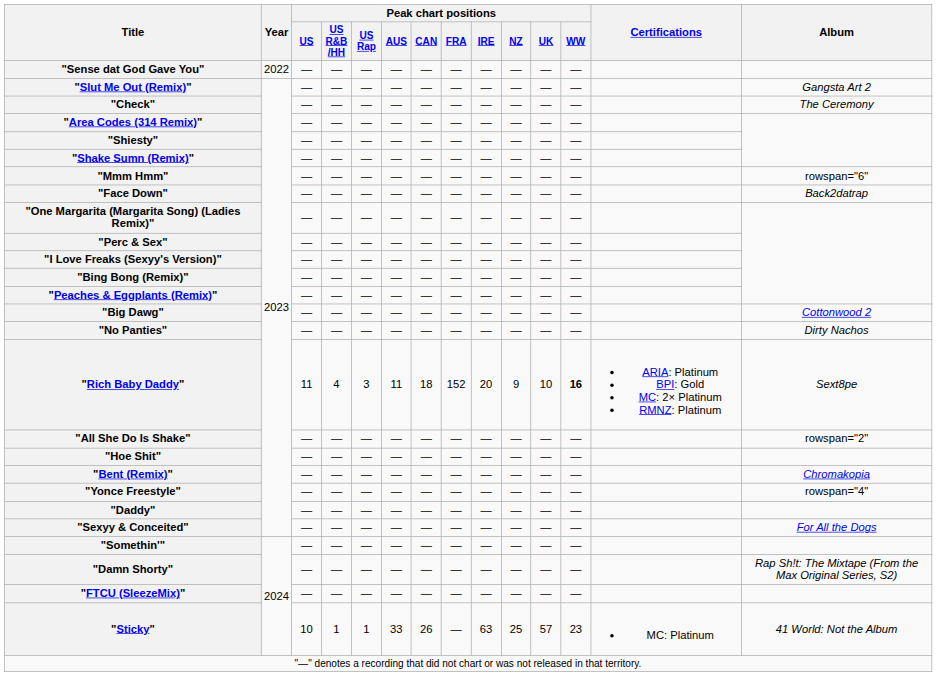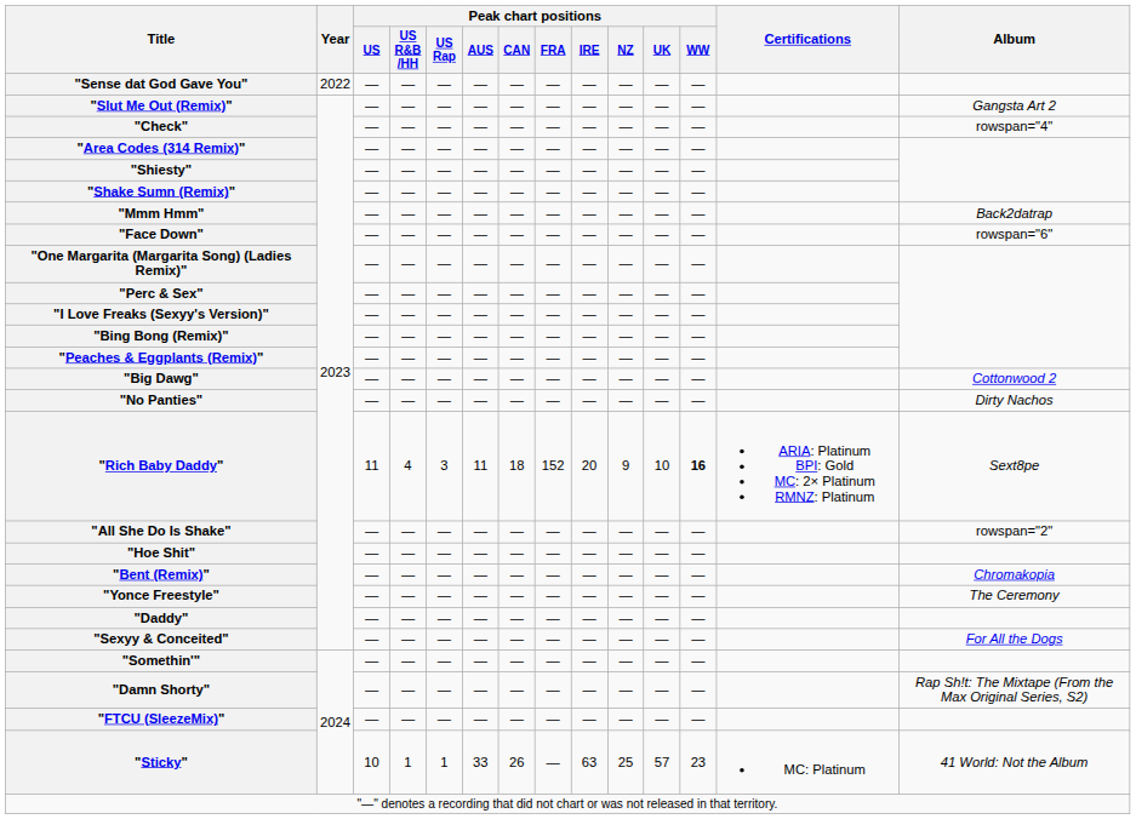 <table class="wikitable plainrowheaders" style="text-align:center;">
 <tr>
 <th scope="col" rowspan="2" style="width:22.5em;">Title</th>
 <th scope="col" rowspan="2" style="width:1em;">Year</th>
 <th scope="col" colspan="10">Peak chart positions</th>
 <th scope="col" rowspan="2" style="width:13em;"><a href='#'>Certifications</a></th>
 <th scope="col" rowspan="2" style="width:16.5em;">Album</th>
 </tr>
 <tr>
 <th scope="col" style="width:2.5em;font-size:90%;"><a href='#'>US</a><br></th>
 <th scope="col" style="width:2.5em;font-size:90%;"><a href='#'>US<br>R&B<br>/HH</a><br></th>
 <th scope="col" style="width:2.5em;font-size:90%;"><a href='#'>US<br>Rap</a><br></th>
 <th scope="col" style="width:2.5em;font-size:90%;"><a href='#'>AUS</a><br></th>
 <th scope="col" style="width:2.5em;font-size:90%;"><a href='#'>CAN</a><br></th>
 <th scope="col" style="width:2.5em;font-size:90%;"><a href='#'>FRA</a><br></th>
 <th scope="col" style="width:2.5em;font-size:90%;"><a href='#'>IRE</a><br></th>
 <th scope="col" style="width:2.5em;font-size:90%;"><a href='#'>NZ</a><br></th>
 <th scope="col" style="width:2.5em;font-size:90%;"><a href='#'>UK</a><br></th>
 <th scope="col" style="width:2.5em;font-size:90%;"><a href='#'>WW</a><br></th>
 </tr>
 <tr>
 <th scope="row">"Sense dat God Gave You"<br></th>
 <td>2022</td>
 <td>—</td>
 <td>—</td>
 <td>—</td>
 <td>—</td>
 <td>—</td>
 <td>—</td>
 <td>—</td>
 <td>—</td>
 <td>—</td>
 <td>—</td>
 <td></td>
 <td></td>
 </tr>
 <tr>
 <th scope="row">"<a href='#'>Slut Me Out (Remix)</a>"<br></th>
 <td rowspan="21">2023</td>
 <td>—</td>
 <td>—</td>
 <td>—</td>
 <td>—</td>
 <td>—</td>
 <td>—</td>
 <td>—</td>
 <td>—</td>
 <td>—</td>
 <td>—</td>
 <td></td>
 <td><em>Gangsta Art 2</em></td>
 </tr>
 <tr>
 <th scope="row">"Check"<br></th>
 <td>—</td>
 <td>—</td>
 <td>—</td>
 <td>—</td>
 <td>—</td>
 <td>—</td>
 <td>—</td>
 <td>—</td>
 <td>—</td>
 <td>—</td>
 <td></td>
-<td><em>The Ceremony</em></td>
+<td>rowspan="4" </td>
 </tr>
 <tr>
 <th scope="row">"<a href='#'>Area Codes (314 Remix)</a>"<br></th>
 <td>—</td>
 <td>—</td>
 <td>—</td>
 <td>—</td>
 <td>—</td>
 <td>—</td>
 <td>—</td>
 <td>—</td>
 <td>—</td>
 <td>—</td>
 <td></td>
 </tr>
 <tr>
 <th scope="row">"Shiesty"<br></th>
 <td>—</td>
 <td>—</td>
 <td>—</td>
 <td>—</td>
 <td>—</td>
 <td>—</td>
 <td>—</td>
 <td>—</td>
 <td>—</td>
 <td>—</td>
 <td></td>
 </tr>
 <tr>
 <th scope="row">"<a href='#'>Shake Sumn (Remix)</a>"<br></th>
 <td>—</td>
 <td>—</td>
 <td>—</td>
 <td>—</td>
 <td>—</td>
 <td>—</td>
 <td>—</td>
 <td>—</td>
 <td>—</td>
 <td>—</td>
 <td></td>
 </tr>
 <tr>
 <th scope="row">"Mmm Hmm"<br></th>
 <td>—</td>
 <td>—</td>
 <td>—</td>
 <td>—</td>
 <td>—</td>
 <td>—</td>
 <td>—</td>
 <td>—</td>
 <td>—</td>
 <td>—</td>
 <td></td>
-<td>rowspan="6" </td>
+<td><em>Back2datrap</em></td>
 </tr>
 <tr>
 <th scope="row">"Face Down"<br></th>
 <td>—</td>
 <td>—</td>
 <td>—</td>
 <td>—</td>
 <td>—</td>
 <td>—</td>
 <td>—</td>
 <td>—</td>
 <td>—</td>
 <td>—</td>
 <td></td>
-<td><em>Back2datrap</em></td>
+<td>rowspan="6" </td>
 </tr>
 <tr>
 <th scope="row">"One Margarita (Margarita Song) (Ladies Remix)"<br></th>
 <td>—</td>
 <td>—</td>
 <td>—</td>
 <td>—</td>
 <td>—</td>
 <td>—</td>
 <td>—</td>
 <td>—</td>
 <td>—</td>
 <td>—</td>
 <td></td>
 </tr>
 <tr>
 <th scope="row">"Perc & Sex"<br></th>
 <td>—</td>
 <td>—</td>
 <td>—</td>
 <td>—</td>
 <td>—</td>
 <td>—</td>
 <td>—</td>
 <td>—</td>
 <td>—</td>
 <td>—</td>
 <td></td>
 </tr>
 <tr>
 <th scope="row">"I Love Freaks (Sexyy's Version)"<br></th>
 <td>—</td>
 <td>—</td>
 <td>—</td>
 <td>—</td>
 <td>—</td>
 <td>—</td>
 <td>—</td>
 <td>—</td>
 <td>—</td>
 <td>—</td>
 <td></td>
 </tr>
 <tr>
 <th scope="row">"Bing Bong (Remix)"<br></th>
 <td>—</td>
 <td>—</td>
 <td>—</td>
 <td>—</td>
 <td>—</td>
 <td>—</td>
 <td>—</td>
 <td>—</td>
 <td>—</td>
 <td>—</td>
 <td></td>
 </tr>
 <tr>
 <th scope="row">"<a href='#'>Peaches & Eggplants (Remix)</a>"<br></th>
 <td>—</td>
 <td>—</td>
 <td>—</td>
 <td>—</td>
 <td>—</td>
 <td>—</td>
 <td>—</td>
 <td>—</td>
 <td>—</td>
 <td>—</td>
 <td></td>
 </tr>
 <tr>
 <th scope="row">"Big Dawg"<br></th>
 <td>—</td>
 <td>—</td>
 <td>—</td>
 <td>—</td>
 <td>—</td>
 <td>—</td>
 <td>—</td>
 <td>—</td>
 <td>—</td>
 <td>—</td>
 <td></td>
 <td><em><a href='#'>Cottonwood 2</a></em></td>
 </tr>
 <tr>
 <th scope="row">"No Panties"<br></th>
 <td>—</td>
 <td>—</td>
 <td>—</td>
 <td>—</td>
 <td>—</td>
 <td>—</td>
 <td>—</td>
 <td>—</td>
 <td>—</td>
 <td>—</td>
 <td></td>
 <td><em>Dirty Nachos</em></td>
 </tr>
 <tr>
 <th scope="row">"<a href='#'>Rich Baby Daddy</a>"<br></th>
 <td>11</td>
 <td>4</td>
 <td>3</td>
 <td>11</td>
 <td>18</td>
 <td>152</td>
 <td>20</td>
 <td>9</td>
 <td>10</td>
 <td><strong>16</strong></td>
 <td><br><ul><li><a href='#'>ARIA</a>: Platinum</li><li><a href='#'>BPI</a>: Gold</li><li><a href='#'>MC</a>: 2× Platinum</li><li><a href='#'>RMNZ</a>: Platinum</li></ul></td>
 <td><em>Sext8pe</em></td>
 </tr>
 <tr>
 <th scope="row">"All She Do Is Shake"<br></th>
 <td>—</td>
 <td>—</td>
 <td>—</td>
 <td>—</td>
 <td>—</td>
 <td>—</td>
 <td>—</td>
 <td>—</td>
 <td>—</td>
 <td>—</td>
 <td></td>
 <td>rowspan="2" </td>
 </tr>
 <tr>
 <th scope="row">"Hoe Shit"<br></th>
 <td>—</td>
 <td>—</td>
 <td>—</td>
 <td>—</td>
 <td>—</td>
 <td>—</td>
 <td>—</td>
 <td>—</td>
 <td>—</td>
 <td>—</td>
 <td></td>
 </tr>
 <tr>
 <th scope="row">"<a href='#'>Bent (Remix)</a>"<br></th>
 <td>—</td>
 <td>—</td>
 <td>—</td>
 <td>—</td>
 <td>—</td>
 <td>—</td>
 <td>—</td>
 <td>—</td>
 <td>—</td>
 <td>—</td>
 <td></td>
 <td><em><a href='#'>Chromakopia</a></em></td>
 </tr>
 <tr>
 <th scope="row">"Yonce Freestyle"<br></th>
 <td>—</td>
 <td>—</td>
 <td>—</td>
 <td>—</td>
 <td>—</td>
 <td>—</td>
 <td>—</td>
 <td>—</td>
 <td>—</td>
 <td>—</td>
 <td></td>
-<td>rowspan="4" </td>
+<td><em>The Ceremony</em></td>
 </tr>
 <tr>
 <th scope="row">"Daddy"<br></th>
 <td>—</td>
 <td>—</td>
 <td>—</td>
 <td>—</td>
 <td>—</td>
 <td>—</td>
 <td>—</td>
 <td>—</td>
 <td>—</td>
 <td>—</td>
 <td></td>
 <td></td>
 </tr>
 <tr>
 <th scope="row">"Sexyy & Conceited"<br></th>
 <td>—</td>
 <td>—</td>
 <td>—</td>
 <td>—</td>
 <td>—</td>
 <td>—</td>
 <td>—</td>
 <td>—</td>
 <td>—</td>
 <td>—</td>
 <td></td>
 <td><em><a href='#'>For All the Dogs</a></em></td>
 </tr>
 <tr>
 <th scope="row">"Somethin'"<br></th>
 <td rowspan="4">2024</td>
 <td>—</td>
 <td>—</td>
 <td>—</td>
 <td>—</td>
 <td>—</td>
 <td>—</td>
 <td>—</td>
 <td>—</td>
 <td>—</td>
 <td>—</td>
 <td></td>
 <td></td>
 </tr>
 <tr>
 <th scope="row">"Damn Shorty"<br></th>
 <td>—</td>
 <td>—</td>
 <td>—</td>
 <td>—</td>
 <td>—</td>
 <td>—</td>
 <td>—</td>
 <td>—</td>
 <td>—</td>
 <td>—</td>
 <td></td>
 <td><em>Rap Sh!t: The Mixtape (From the Max Original Series, S2)</em></td>
 </tr>
 <tr>
 <th scope="row">"<a href='#'>FTCU (SleezeMix)</a>"<br></th>
 <td>—</td>
 <td>—</td>
 <td>—</td>
 <td>—</td>
 <td>—</td>
 <td>—</td>
 <td>—</td>
 <td>—</td>
 <td>—</td>
 <td>—</td>
 <td></td>
 <td></td>
 </tr>
 <tr>
 <th scope="row">"<a href='#'>Sticky</a>"<br></th>
 <td>10</td>
 <td>1</td>
 <td>1</td>
 <td>33</td>
 <td>26</td>
 <td>—</td>
 <td>63</td>
 <td>25</td>
 <td>57</td>
 <td>23</td>
 <td><br><ul><li>MC: Platinum</li></ul></td>
 <td><em>41 World: Not the Album</em></td>
 </tr>
 <tr>
 <td colspan="14" style="font-size:90%">"—" denotes a recording that did not chart or was not released in that territory.</td>
 </tr>
 </table>
